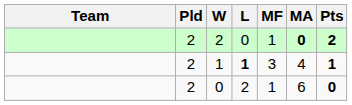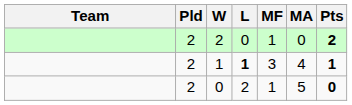 <table class=wikitable style="text-align:center">
 <tr>
 <th width=175>Team</th>
 <th width=20>Pld</th>
 <th width=20>W</th>
 <th width=20>L</th>
 <th width=20>MF</th>
 <th width=20>MA</th>
 <th width=20>Pts</th>
 </tr>
 <tr bgcolor=ccffcc>
 <td style="text-align:left"></td>
 <td>2</td>
 <td>2</td>
 <td>0</td>
 <td>1</td>
-<td><strong>0</strong></td>
+<td>0</td>
 <td><strong>2</strong></td>
 </tr>
 <tr>
 <td style="text-align:left"></td>
 <td>2</td>
 <td>1</td>
 <td><strong>1</strong></td>
 <td>3</td>
 <td>4</td>
 <td><strong>1</strong></td>
 </tr>
 <tr>
 <td style="text-align:left"></td>
 <td>2</td>
 <td>0</td>
 <td>2</td>
 <td>1</td>
-<td>6</td>
+<td>5</td>
 <td><strong>0</strong></td>
 </tr>
 </table>
